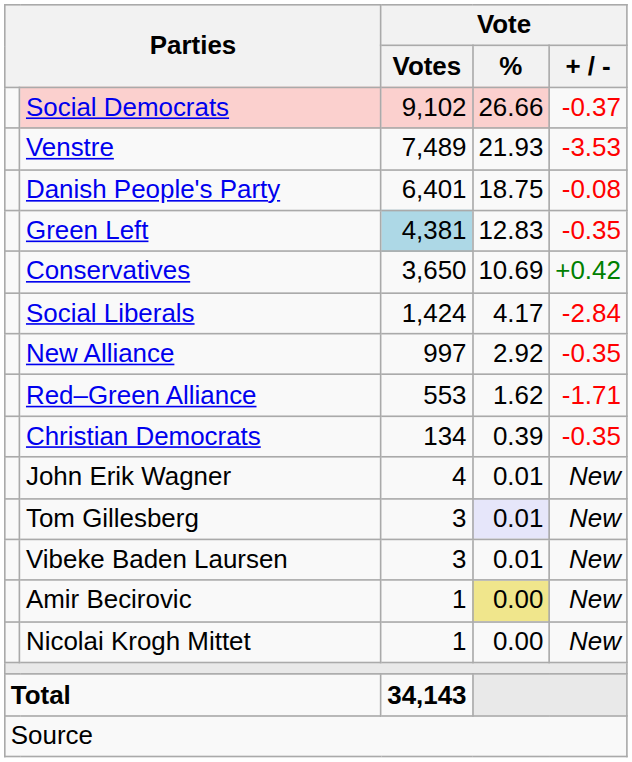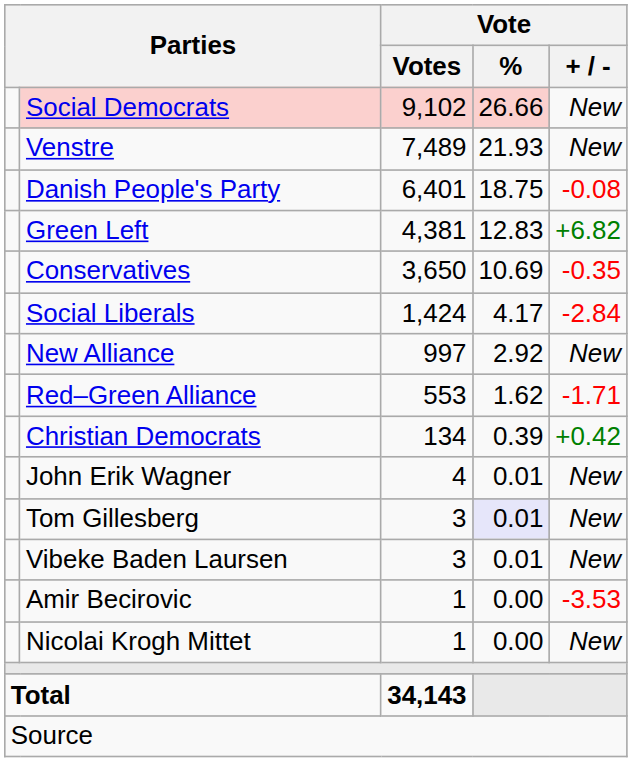 <table class="wikitable" style="text-align:right;">
 <tr>
 <th style="text-align:centre;" rowspan="2" colspan="2" width="225">Parties</th>
 <th colspan="3">Vote</th>
 </tr>
 <tr>
 <th width="15">Votes</th>
 <th width="15">%</th>
 <th width="15">+ / -</th>
 </tr>
 <tr>
 <td width="2" style="color:inherit;background:"></td>
 <td bgcolor=#fbd0ce  align="left"><a href='#'>Social Democrats</a></td>
 <td bgcolor=#fbd0ce>9,102</td>
 <td bgcolor=#fbd0ce>26.66</td>
-<td style=color:red;>-0.37</td>
+<td><em>New</em></td>
 </tr>
 <tr>
 <td width="2" style="color:inherit;background:"></td>
 <td align="left"><a href='#'>Venstre</a></td>
 <td>7,489</td>
 <td>21.93</td>
-<td style=color:red;>-3.53</td>
+<td><em>New</em></td>
 </tr>
 <tr>
 <td width="2" style="color:inherit;background:"></td>
 <td align="left"><a href='#'>Danish People's Party</a></td>
 <td>6,401</td>
 <td>18.75</td>
 <td style=color:red;>-0.08</td>
 </tr>
 <tr>
 <td width="2" style="color:inherit;background:"></td>
 <td align="left"><a href='#'>Green Left</a></td>
-<td style="background: lightblue;">4,381</td>
+<td>4,381</td>
 <td>12.83</td>
-<td style=color:red;>-0.35</td>
+<td style=color:green;>+6.82</td>
 </tr>
 <tr>
 <td width="2" style="color:inherit;background:"></td>
 <td align="left"><a href='#'>Conservatives</a></td>
 <td>3,650</td>
 <td>10.69</td>
-<td style=color:green;>+0.42</td>
+<td style=color:red;>-0.35</td>
 </tr>
 <tr>
 <td width="2" style="color:inherit;background:"></td>
 <td align="left"><a href='#'>Social Liberals</a></td>
 <td>1,424</td>
 <td>4.17</td>
 <td style=color:red;>-2.84</td>
 </tr>
 <tr>
 <td width="2" style="color:inherit;background:"></td>
 <td align="left"><a href='#'>New Alliance</a></td>
 <td>997</td>
 <td>2.92</td>
-<td style=color:red;>-0.35</td>
+<td><em>New</em></td>
 </tr>
 <tr>
 <td width="2" style="color:inherit;background:"></td>
 <td align="left"><a href='#'>Red–Green Alliance</a></td>
 <td>553</td>
 <td>1.62</td>
 <td style=color:red;>-1.71</td>
 </tr>
 <tr>
 <td width="2" style="color:inherit;background:"></td>
 <td align="left"><a href='#'>Christian Democrats</a></td>
 <td>134</td>
 <td>0.39</td>
-<td style=color:red;>-0.35</td>
+<td style=color:green;>+0.42</td>
 </tr>
 <tr>
 <td width="2" style="color:inherit;background:"></td>
 <td align="left">John Erik Wagner</td>
 <td>4</td>
 <td>0.01</td>
 <td><em>New</em></td>
 </tr>
 <tr>
 <td width="2" style="color:inherit;background:"></td>
 <td align="left">Tom Gillesberg</td>
 <td>3</td>
 <td style="background: lavender;">0.01</td>
 <td><em>New</em></td>
 </tr>
 <tr>
 <td width="2" style="color:inherit;background:"></td>
 <td align="left">Vibeke Baden Laursen</td>
 <td>3</td>
 <td>0.01</td>
 <td><em>New</em></td>
 </tr>
 <tr>
 <td width="2" style="color:inherit;background:"></td>
 <td align="left">Amir Becirovic</td>
 <td>1</td>
-<td style="background: khaki;">0.00</td>
-<td><em>New</em></td>
+<td>0.00</td>
+<td style=color:red;>-3.53</td>
 </tr>
 <tr>
 <td width="2" style="color:inherit;background:"></td>
 <td align="left">Nicolai Krogh Mittet</td>
 <td>1</td>
 <td>0.00</td>
 <td><em>New</em></td>
 </tr>
 <tr>
 <td colspan="7" bgcolor="#E9E9E9"></td>
 </tr>
 <tr>
 <td align="left" colspan="2"><strong>Total</strong></td>
 <td><strong>34,143</strong></td>
 <td bgcolor="#E9E9E9" colspan="2"></td>
 </tr>
 <tr>
 <td align="left" colspan="6">Source</td>
 </tr>
 </table>
